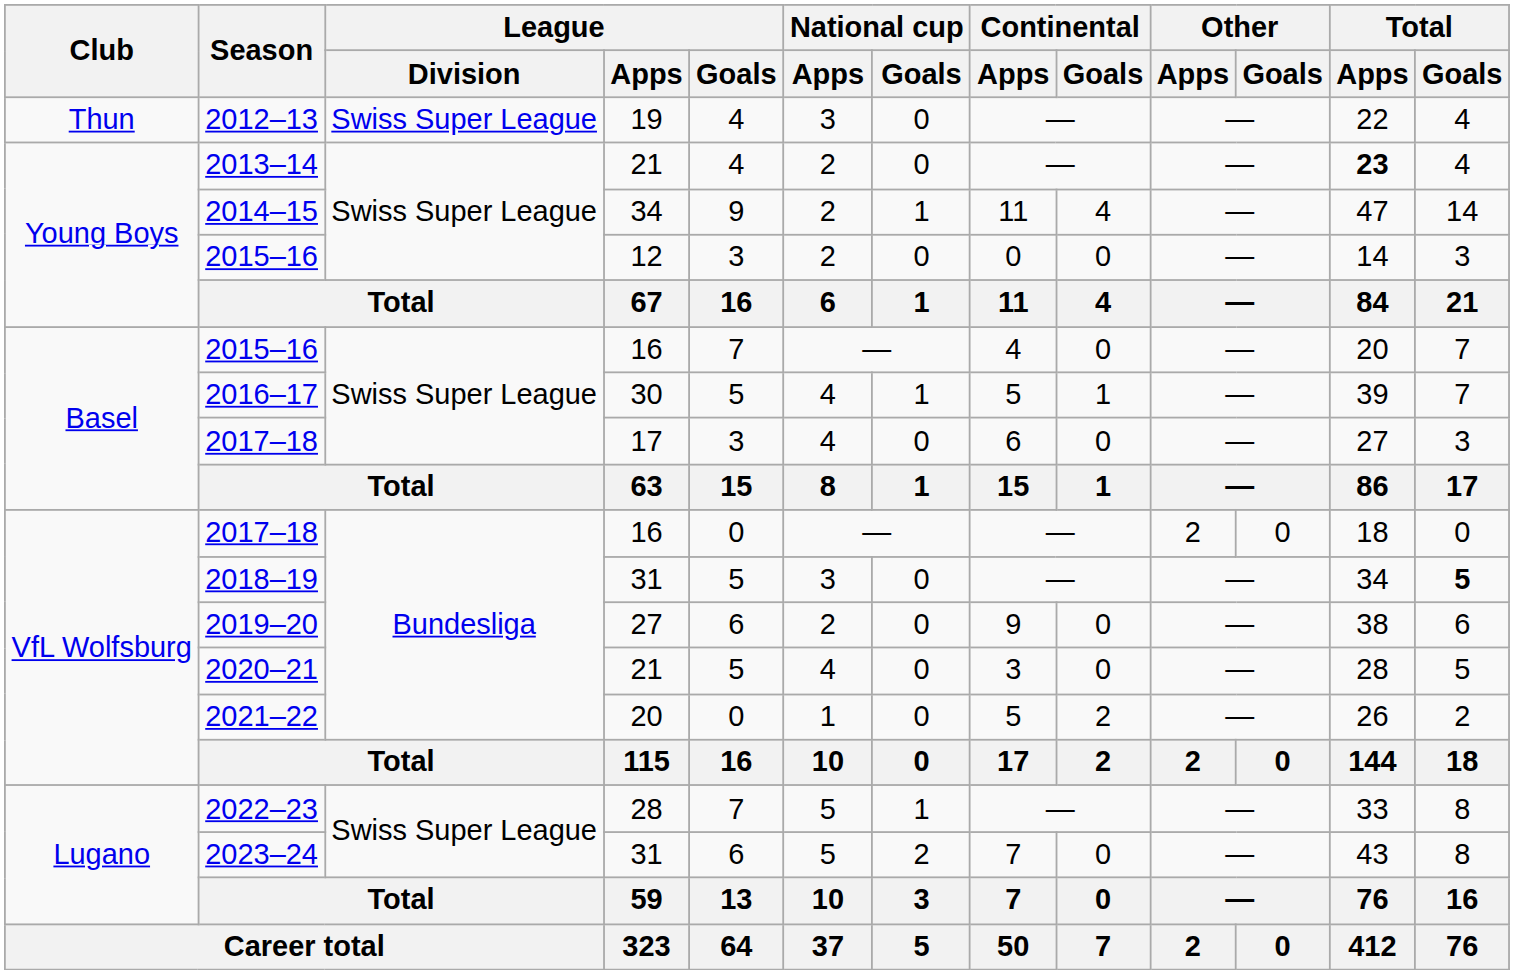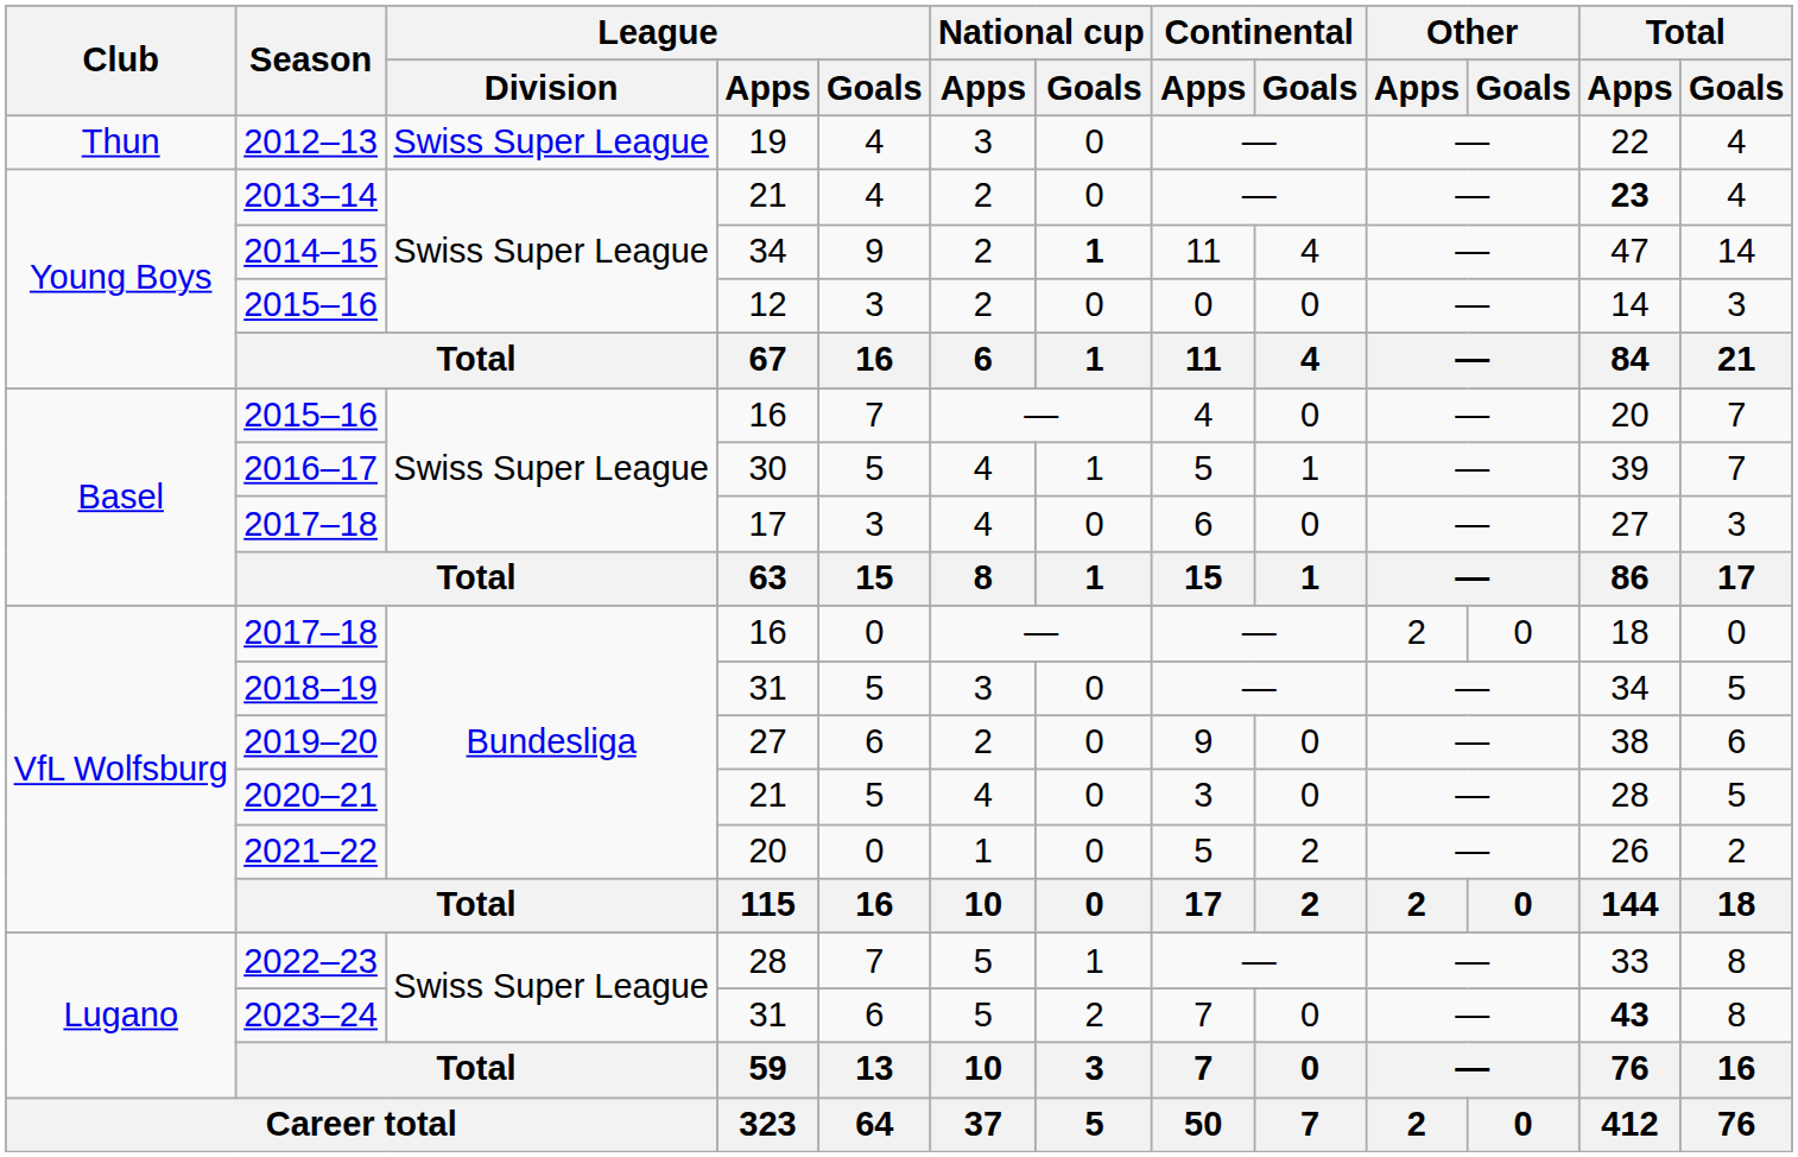 <table class="wikitable" style="text-align:center">
 <tr>
 <th rowspan="2">Club</th>
 <th rowspan="2">Season</th>
 <th colspan="3">League</th>
 <th colspan="2">National cup</th>
 <th colspan="2">Continental</th>
 <th colspan="2">Other</th>
 <th colspan="2">Total</th>
 </tr>
 <tr>
 <th>Division</th>
 <th>Apps</th>
 <th>Goals</th>
 <th>Apps</th>
 <th>Goals</th>
 <th>Apps</th>
 <th>Goals</th>
 <th>Apps</th>
 <th>Goals</th>
 <th>Apps</th>
 <th>Goals</th>
 </tr>
 <tr>
 <td><a href='#'>Thun</a></td>
 <td><a href='#'>2012–13</a></td>
 <td><a href='#'>Swiss Super League</a></td>
 <td>19</td>
 <td>4</td>
 <td>3</td>
 <td>0</td>
 <td colspan="2">—</td>
 <td colspan="2">—</td>
 <td>22</td>
 <td>4</td>
 </tr>
 <tr>
 <td rowspan="4"><a href='#'>Young Boys</a></td>
 <td><a href='#'>2013–14</a></td>
 <td rowspan="3">Swiss Super League</td>
 <td>21</td>
 <td>4</td>
 <td>2</td>
 <td>0</td>
 <td colspan="2">—</td>
 <td colspan="2">—</td>
 <td><strong>23</strong></td>
 <td>4</td>
 </tr>
 <tr>
 <td><a href='#'>2014–15</a></td>
 <td>34</td>
 <td>9</td>
 <td>2</td>
-<td>1</td>
+<td><strong>1</strong></td>
 <td>11</td>
 <td>4</td>
 <td colspan="2">—</td>
 <td>47</td>
 <td>14</td>
 </tr>
 <tr>
 <td><a href='#'>2015–16</a></td>
 <td>12</td>
 <td>3</td>
 <td>2</td>
 <td>0</td>
 <td>0</td>
 <td>0</td>
 <td colspan="2">—</td>
 <td>14</td>
 <td>3</td>
 </tr>
 <tr>
 <th colspan="2">Total</th>
 <th>67</th>
 <th>16</th>
 <th>6</th>
 <th>1</th>
 <th>11</th>
 <th>4</th>
 <th colspan="2">—</th>
 <th>84</th>
 <th>21</th>
 </tr>
 <tr>
 <td rowspan="4"><a href='#'>Basel</a></td>
 <td><a href='#'>2015–16</a></td>
 <td rowspan="3">Swiss Super League</td>
 <td>16</td>
 <td>7</td>
 <td colspan="2">—</td>
 <td>4</td>
 <td>0</td>
 <td colspan="2">—</td>
 <td>20</td>
 <td>7</td>
 </tr>
 <tr>
 <td><a href='#'>2016–17</a></td>
 <td>30</td>
 <td>5</td>
 <td>4</td>
 <td>1</td>
 <td>5</td>
 <td>1</td>
 <td colspan="2">—</td>
 <td>39</td>
 <td>7</td>
 </tr>
 <tr>
 <td><a href='#'>2017–18</a></td>
 <td>17</td>
 <td>3</td>
 <td>4</td>
 <td>0</td>
 <td>6</td>
 <td>0</td>
 <td colspan="2">—</td>
 <td>27</td>
 <td>3</td>
 </tr>
 <tr>
 <th colspan="2">Total</th>
 <th>63</th>
 <th>15</th>
 <th>8</th>
 <th>1</th>
 <th>15</th>
 <th>1</th>
 <th colspan="2">—</th>
 <th>86</th>
 <th>17</th>
 </tr>
 <tr>
 <td rowspan="6"><a href='#'>VfL Wolfsburg</a></td>
 <td><a href='#'>2017–18</a></td>
 <td rowspan="5"><a href='#'>Bundesliga</a></td>
 <td>16</td>
 <td>0</td>
 <td colspan="2">—</td>
 <td colspan="2">—</td>
 <td>2</td>
 <td>0</td>
 <td>18</td>
 <td>0</td>
 </tr>
 <tr>
 <td><a href='#'>2018–19</a></td>
 <td>31</td>
 <td>5</td>
 <td>3</td>
 <td>0</td>
 <td colspan="2">—</td>
 <td colspan="2">—</td>
 <td>34</td>
-<td><strong>5</strong></td>
+<td>5</td>
 </tr>
 <tr>
 <td><a href='#'>2019–20</a></td>
 <td>27</td>
 <td>6</td>
 <td>2</td>
 <td>0</td>
 <td>9</td>
 <td>0</td>
 <td colspan="2">—</td>
 <td>38</td>
 <td>6</td>
 </tr>
 <tr>
 <td><a href='#'>2020–21</a></td>
 <td>21</td>
 <td>5</td>
 <td>4</td>
 <td>0</td>
 <td>3</td>
 <td>0</td>
 <td colspan="2">—</td>
 <td>28</td>
 <td>5</td>
 </tr>
 <tr>
 <td><a href='#'>2021–22</a></td>
 <td>20</td>
 <td>0</td>
 <td>1</td>
 <td>0</td>
 <td>5</td>
 <td>2</td>
 <td colspan="2">—</td>
 <td>26</td>
 <td>2</td>
 </tr>
 <tr>
 <th colspan="2">Total</th>
 <th>115</th>
 <th>16</th>
 <th>10</th>
 <th>0</th>
 <th>17</th>
 <th>2</th>
 <th>2</th>
 <th>0</th>
 <th>144</th>
 <th>18</th>
 </tr>
 <tr>
 <td rowspan="3"><a href='#'>Lugano</a></td>
 <td><a href='#'>2022–23</a></td>
 <td rowspan="2">Swiss Super League</td>
 <td>28</td>
 <td>7</td>
 <td>5</td>
 <td>1</td>
 <td colspan="2">—</td>
 <td colspan="2">—</td>
 <td>33</td>
 <td>8</td>
 </tr>
 <tr>
 <td><a href='#'>2023–24</a></td>
 <td>31</td>
 <td>6</td>
 <td>5</td>
 <td>2</td>
 <td>7</td>
 <td>0</td>
 <td colspan="2">—</td>
-<td>43</td>
+<td><strong>43</strong></td>
 <td>8</td>
 </tr>
 <tr>
 <th colspan="2">Total</th>
 <th>59</th>
 <th>13</th>
 <th>10</th>
 <th>3</th>
 <th>7</th>
 <th>0</th>
 <th colspan="2">—</th>
 <th>76</th>
 <th>16</th>
 </tr>
 <tr>
 <th colspan="3">Career total</th>
 <th>323</th>
 <th>64</th>
 <th>37</th>
 <th>5</th>
 <th>50</th>
 <th>7</th>
 <th>2</th>
 <th>0</th>
 <th>412</th>
 <th>76</th>
 </tr>
 </table>
